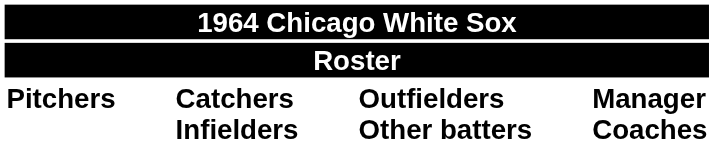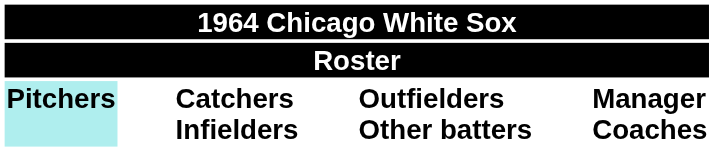 <table class="toccolours" style="font-size: 95%;">
 <tr>
 <th colspan="10" style="background-color: black; color: white; text-align: center;">1964 Chicago White Sox</th>
 </tr>
 <tr>
 <td colspan="10" style="background-color: black; color: white; text-align: center;"><strong>Roster</strong></td>
 </tr>
 <tr>
-<td valign="top"><strong>Pitchers</strong><br>            </td>
+<td valign="top" style="background: paleturquoise;"><strong>Pitchers</strong><br>            </td>
 <td width="25px"></td>
 <td valign="top"><strong>Catchers</strong><br>   <strong>Infielders</strong>         </td>
 <td width="25px"></td>
 <td valign="top"><strong>Outfielders</strong><br>       <strong>Other batters</strong>     </td>
 <td width="25px"></td>
 <td valign="top"><strong>Manager</strong><br> <strong>Coaches</strong>    </td>
 </tr>
 </table>
